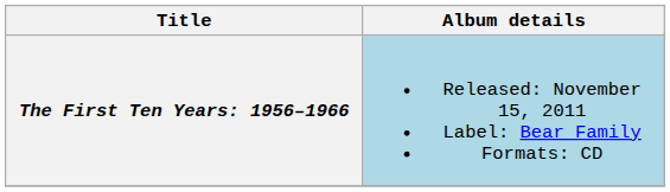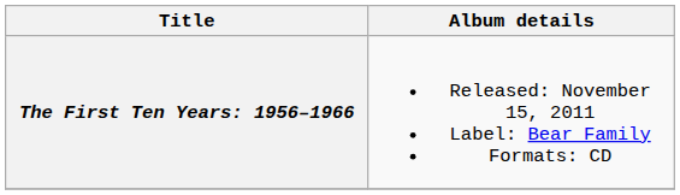 <table class="wikitable plainrowheaders" style="text-align:center;">
 <tr>
 <th scope="col" style="width:19em;">Title</th>
 <th scope="col" style="width:16em;">Album details</th>
 </tr>
 <tr>
 <th scope="row"><em>The First Ten Years: 1956–1966</em></th>
-<td style="background: lightblue;"><br><ul><li>Released: November 15, 2011</li><li>Label: <a href='#'>Bear Family</a></li><li>Formats: CD</li></ul></td>
+<td><br><ul><li>Released: November 15, 2011</li><li>Label: <a href='#'>Bear Family</a></li><li>Formats: CD</li></ul></td>
 </tr>
 <tr>
 </tr>
 </table>
